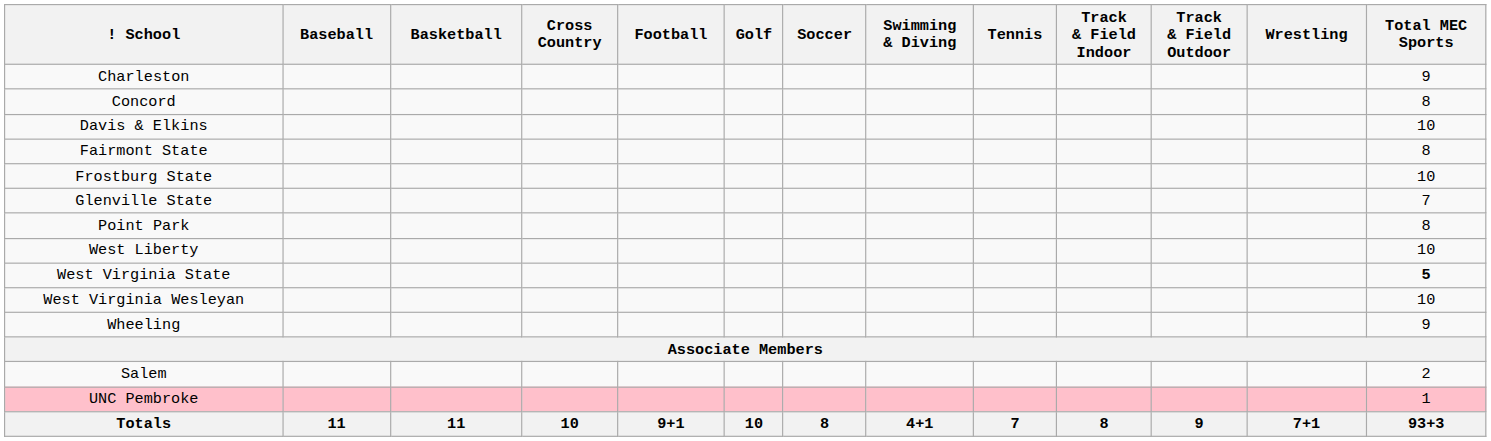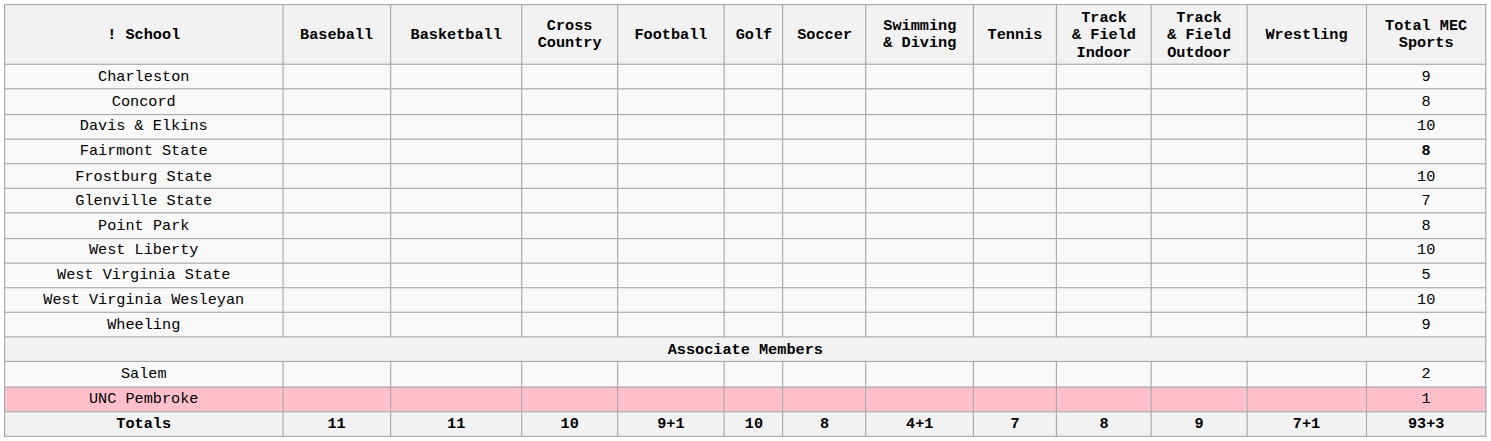 <table class="wikitable" style="text-align:center; width:80%">
 <tr>
 <th>! School</th>
 <th>Baseball</th>
 <th>Basketball</th>
 <th>Cross<br>Country</th>
 <th>Football</th>
 <th>Golf</th>
 <th>Soccer</th>
 <th>Swimming<br>& Diving</th>
 <th>Tennis</th>
 <th>Track<br>& Field<br>Indoor</th>
 <th>Track<br>& Field<br>Outdoor</th>
 <th>Wrestling</th>
 <th>Total MEC<br>Sports</th>
 </tr>
 <tr>
 <td>Charleston</td>
 <td></td>
 <td></td>
 <td></td>
 <td></td>
 <td></td>
 <td></td>
 <td></td>
 <td></td>
 <td></td>
 <td></td>
 <td></td>
 <td>9</td>
 </tr>
 <tr>
 <td>Concord</td>
 <td></td>
 <td></td>
 <td></td>
 <td></td>
 <td></td>
 <td></td>
 <td></td>
 <td></td>
 <td></td>
 <td></td>
 <td></td>
 <td>8</td>
 </tr>
 <tr>
 <td>Davis & Elkins</td>
 <td></td>
 <td></td>
 <td></td>
 <td></td>
 <td></td>
 <td></td>
 <td></td>
 <td></td>
 <td></td>
 <td></td>
 <td></td>
 <td>10</td>
 </tr>
 <tr>
 <td>Fairmont State</td>
 <td></td>
 <td></td>
 <td></td>
 <td></td>
 <td></td>
 <td></td>
 <td></td>
 <td></td>
 <td></td>
 <td></td>
 <td></td>
-<td>8</td>
+<td><strong>8</strong></td>
 </tr>
 <tr>
 <td>Frostburg State</td>
 <td></td>
 <td></td>
 <td></td>
 <td></td>
 <td></td>
 <td></td>
 <td></td>
 <td></td>
 <td></td>
 <td></td>
 <td></td>
 <td>10</td>
 </tr>
 <tr>
 <td>Glenville State</td>
 <td></td>
 <td></td>
 <td></td>
 <td></td>
 <td></td>
 <td></td>
 <td></td>
 <td></td>
 <td></td>
 <td></td>
 <td></td>
 <td>7</td>
 </tr>
 <tr>
 <td>Point Park</td>
 <td></td>
 <td></td>
 <td></td>
 <td></td>
 <td></td>
 <td></td>
 <td></td>
 <td></td>
 <td></td>
 <td></td>
 <td></td>
 <td>8</td>
 </tr>
 <tr>
 <td>West Liberty</td>
 <td></td>
 <td></td>
 <td></td>
 <td></td>
 <td></td>
 <td></td>
 <td></td>
 <td></td>
 <td></td>
 <td></td>
 <td></td>
 <td>10</td>
 </tr>
 <tr>
 <td>West Virginia State</td>
 <td></td>
 <td></td>
 <td></td>
 <td></td>
 <td></td>
 <td></td>
 <td></td>
 <td></td>
 <td></td>
 <td></td>
 <td></td>
-<td><strong>5</strong></td>
+<td>5</td>
 </tr>
 <tr>
 <td>West Virginia Wesleyan</td>
 <td></td>
 <td></td>
 <td></td>
 <td></td>
 <td></td>
 <td></td>
 <td></td>
 <td></td>
 <td></td>
 <td></td>
 <td></td>
 <td>10</td>
 </tr>
 <tr>
 <td>Wheeling</td>
 <td></td>
 <td></td>
 <td></td>
 <td></td>
 <td></td>
 <td></td>
 <td></td>
 <td></td>
 <td></td>
 <td></td>
 <td></td>
 <td>9</td>
 </tr>
 <tr>
 <th colspan="13">Associate Members</th>
 </tr>
 <tr>
 <td>Salem</td>
 <td></td>
 <td></td>
 <td></td>
 <td></td>
 <td></td>
 <td></td>
 <td></td>
 <td></td>
 <td></td>
 <td></td>
 <td></td>
 <td>2</td>
 </tr>
 <tr bgcolor=pink>
 <td>UNC Pembroke</td>
 <td></td>
 <td></td>
 <td></td>
 <td></td>
 <td></td>
 <td></td>
 <td></td>
 <td></td>
 <td></td>
 <td></td>
 <td></td>
 <td>1</td>
 </tr>
 <tr>
 <th><strong>Totals</strong></th>
 <th>11</th>
 <th>11</th>
 <th>10</th>
 <th>9+1</th>
 <th>10</th>
 <th>8</th>
 <th>4+1</th>
 <th>7</th>
 <th>8</th>
 <th>9</th>
 <th>7+1</th>
 <th>93+3</th>
 </tr>
 </table>
